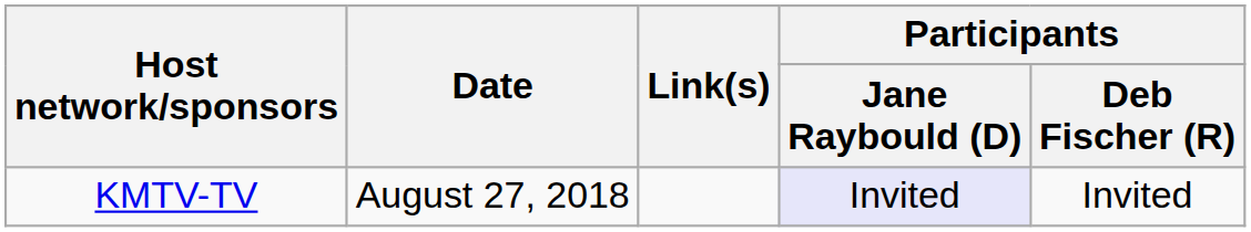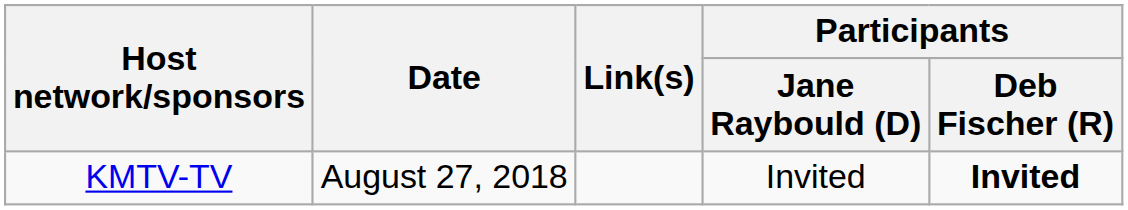 <table class="wikitable">
 <tr>
 <th rowspan="2">Host<br>network/sponsors</th>
 <th rowspan="2">Date</th>
 <th rowspan="2">Link(s)</th>
 <th colspan="3">Participants</th>
 </tr>
 <tr>
 <th>Jane<br>Raybould (D)</th>
 <th>Deb<br>Fischer (R)</th>
 </tr>
 <tr>
 <td align="center"><a href='#'>KMTV-TV</a></td>
 <td align="center">August 27, 2018</td>
 <td align="center"></td>
-<td align="center" style="background: lavender;">Invited</td>
 <td align="center">Invited</td>
+<td align="center"><strong>Invited</strong></td>
 </tr>
 </table>
